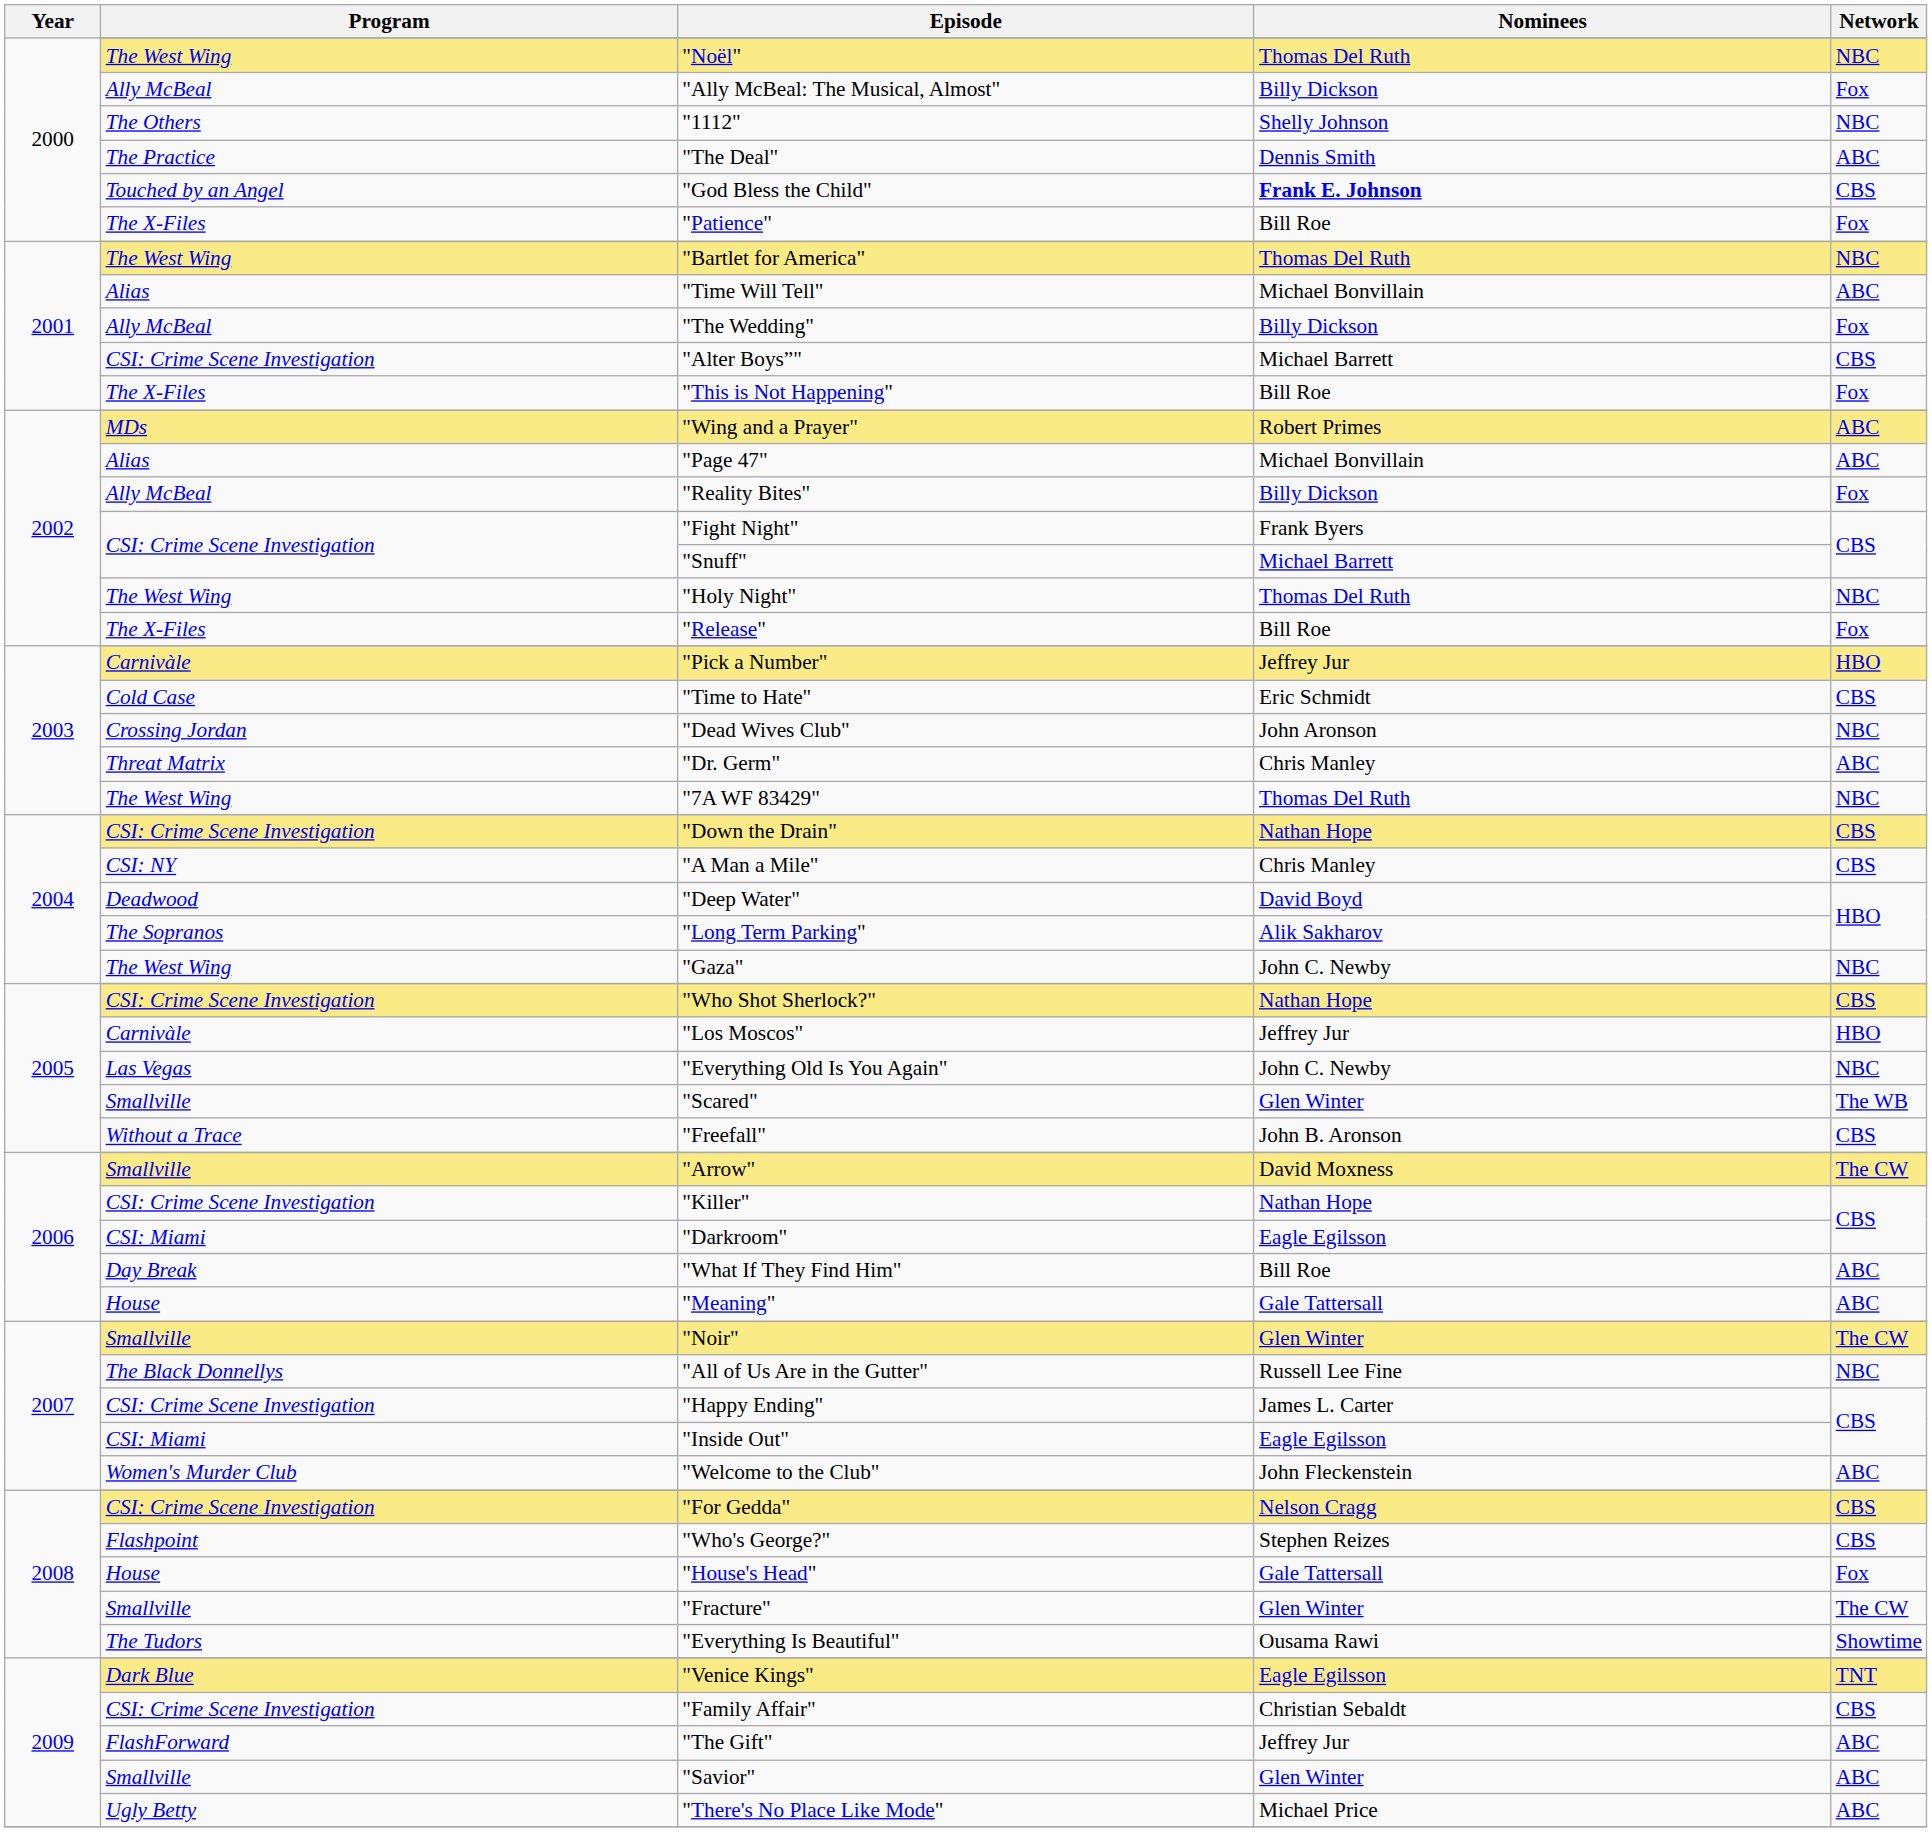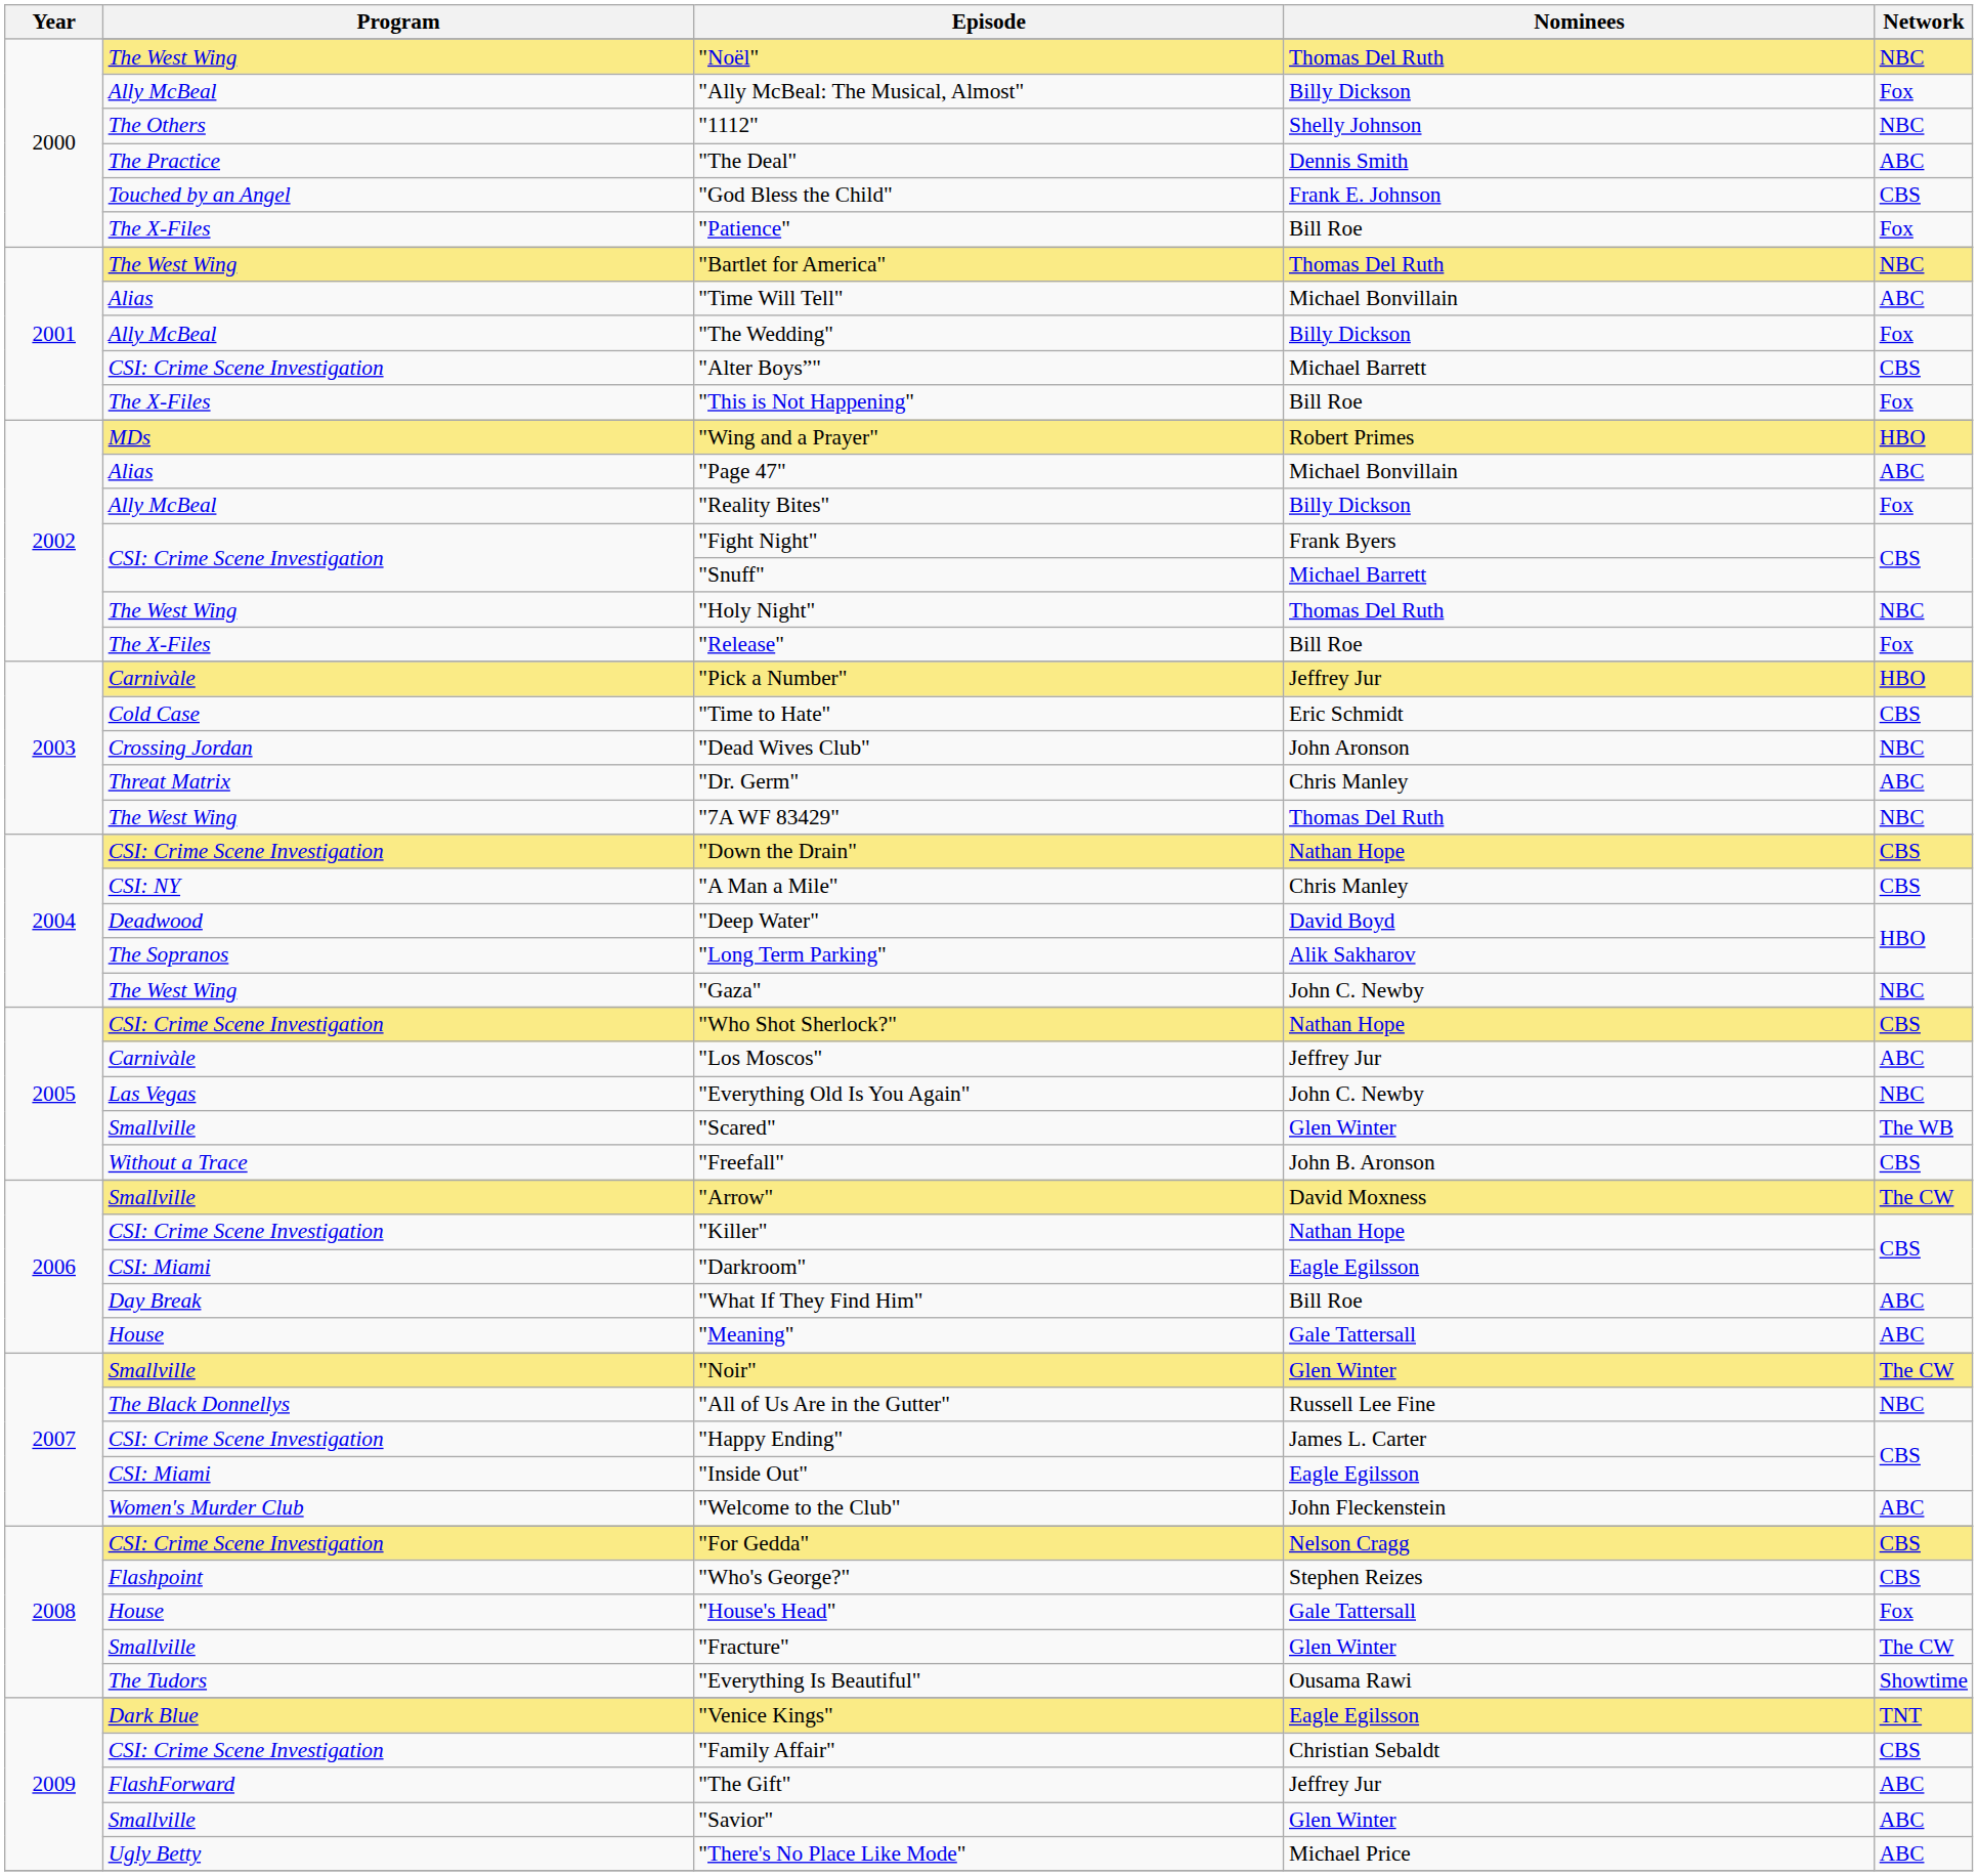 <table class="wikitable">
 <tr>
 <th width="5%">Year</th>
 <th width="30%">Program</th>
 <th width="30%">Episode</th>
 <th width="30%">Nominees</th>
 <th width="5%">Network</th>
 </tr>
 <tr>
 <td rowspan="7" style="text-align:center;">2000<br></td>
 </tr>
 <tr style="background:#FAEB86;">
 <td><em><a href='#'>The West Wing</a></em></td>
 <td>"<a href='#'>Noël</a>"</td>
 <td><a href='#'>Thomas Del Ruth</a></td>
 <td><a href='#'>NBC</a></td>
 </tr>
 <tr>
 <td><em><a href='#'>Ally McBeal</a></em></td>
 <td>"Ally McBeal: The Musical, Almost"</td>
 <td><a href='#'>Billy Dickson</a></td>
 <td><a href='#'>Fox</a></td>
 </tr>
 <tr>
 <td><em><a href='#'>The Others</a></em></td>
 <td>"1112"</td>
 <td><a href='#'>Shelly Johnson</a></td>
 <td><a href='#'>NBC</a></td>
 </tr>
 <tr>
 <td><em><a href='#'>The Practice</a></em></td>
 <td>"The Deal"</td>
 <td><a href='#'>Dennis Smith</a></td>
 <td><a href='#'>ABC</a></td>
 </tr>
 <tr>
 <td><em><a href='#'>Touched by an Angel</a></em></td>
 <td>"God Bless the Child"</td>
-<td><strong><a href='#'>Frank E. Johnson</a></strong></td>
+<td><a href='#'>Frank E. Johnson</a></td>
 <td><a href='#'>CBS</a></td>
 </tr>
 <tr>
 <td><em><a href='#'>The X-Files</a></em></td>
 <td>"<a href='#'>Patience</a>"</td>
 <td>Bill Roe</td>
 <td><a href='#'>Fox</a></td>
 </tr>
 <tr>
 <td rowspan="6" style="text-align:center;"><a href='#'>2001</a><br></td>
 </tr>
 <tr style="background:#FAEB86;">
 <td><em><a href='#'>The West Wing</a></em></td>
 <td>"Bartlet for America"</td>
 <td><a href='#'>Thomas Del Ruth</a></td>
 <td><a href='#'>NBC</a></td>
 </tr>
 <tr>
 <td><em><a href='#'>Alias</a></em></td>
 <td>"Time Will Tell"</td>
 <td>Michael Bonvillain</td>
 <td><a href='#'>ABC</a></td>
 </tr>
 <tr>
 <td><em><a href='#'>Ally McBeal</a></em></td>
 <td>"The Wedding"</td>
 <td><a href='#'>Billy Dickson</a></td>
 <td><a href='#'>Fox</a></td>
 </tr>
 <tr>
 <td><em><a href='#'>CSI: Crime Scene Investigation</a></em></td>
 <td>"Alter Boys”"</td>
 <td>Michael Barrett</td>
 <td><a href='#'>CBS</a></td>
 </tr>
 <tr>
 <td><em><a href='#'>The X-Files</a></em></td>
 <td>"<a href='#'>This is Not Happening</a>"</td>
 <td>Bill Roe</td>
 <td><a href='#'>Fox</a></td>
 </tr>
 <tr>
 <td rowspan="8" style="text-align:center;"><a href='#'>2002</a><br></td>
 </tr>
 <tr style="background:#FAEB86;">
 <td><em><a href='#'>MDs</a></em></td>
 <td>"Wing and a Prayer"</td>
 <td>Robert Primes</td>
-<td><a href='#'>ABC</a></td>
+<td><a href='#'>HBO</a></td>
 </tr>
 <tr>
 <td><em><a href='#'>Alias</a></em></td>
 <td>"Page 47"</td>
 <td>Michael Bonvillain</td>
 <td><a href='#'>ABC</a></td>
 </tr>
 <tr>
 <td><em><a href='#'>Ally McBeal</a></em></td>
 <td>"Reality Bites"</td>
 <td><a href='#'>Billy Dickson</a></td>
 <td><a href='#'>Fox</a></td>
 </tr>
 <tr>
 <td rowspan=2><em><a href='#'>CSI: Crime Scene Investigation</a></em></td>
 <td>"Fight Night"</td>
 <td>Frank Byers</td>
 <td rowspan=2><a href='#'>CBS</a></td>
 </tr>
 <tr>
 <td>"Snuff"</td>
 <td><a href='#'>Michael Barrett</a></td>
 </tr>
 <tr>
 <td><em><a href='#'>The West Wing</a></em></td>
 <td>"Holy Night"</td>
 <td><a href='#'>Thomas Del Ruth</a></td>
 <td><a href='#'>NBC</a></td>
 </tr>
 <tr>
 <td><em><a href='#'>The X-Files</a></em></td>
 <td>"<a href='#'>Release</a>"</td>
 <td>Bill Roe</td>
 <td><a href='#'>Fox</a></td>
 </tr>
 <tr>
 <td rowspan="6" style="text-align:center;"><a href='#'>2003</a><br></td>
 </tr>
 <tr style="background:#FAEB86;">
 <td><em><a href='#'>Carnivàle</a></em></td>
 <td>"Pick a Number"</td>
 <td>Jeffrey Jur</td>
 <td><a href='#'>HBO</a></td>
 </tr>
 <tr>
 <td><em><a href='#'>Cold Case</a></em></td>
 <td>"Time to Hate"</td>
 <td>Eric Schmidt</td>
 <td><a href='#'>CBS</a></td>
 </tr>
 <tr>
 <td><em><a href='#'>Crossing Jordan</a></em></td>
 <td>"Dead Wives Club"</td>
 <td>John Aronson</td>
 <td><a href='#'>NBC</a></td>
 </tr>
 <tr>
 <td><em><a href='#'>Threat Matrix</a></em></td>
 <td>"Dr. Germ"</td>
 <td>Chris Manley</td>
 <td><a href='#'>ABC</a></td>
 </tr>
 <tr>
 <td><em><a href='#'>The West Wing</a></em></td>
 <td>"7A WF 83429"</td>
 <td><a href='#'>Thomas Del Ruth</a></td>
 <td><a href='#'>NBC</a></td>
 </tr>
 <tr>
 <td rowspan="6" style="text-align:center;"><a href='#'>2004</a><br></td>
 </tr>
 <tr style="background:#FAEB86;">
 <td><em><a href='#'>CSI: Crime Scene Investigation</a></em></td>
 <td>"Down the Drain"</td>
 <td><a href='#'>Nathan Hope</a></td>
 <td><a href='#'>CBS</a></td>
 </tr>
 <tr>
 <td><em><a href='#'>CSI: NY</a></em></td>
 <td>"A Man a Mile"</td>
 <td>Chris Manley</td>
 <td><a href='#'>CBS</a></td>
 </tr>
 <tr>
 <td><em><a href='#'>Deadwood</a></em></td>
 <td>"Deep Water"</td>
 <td><a href='#'>David Boyd</a></td>
 <td rowspan=2><a href='#'>HBO</a></td>
 </tr>
 <tr>
 <td><em><a href='#'>The Sopranos</a></em></td>
 <td>"<a href='#'>Long Term Parking</a>"</td>
 <td><a href='#'>Alik Sakharov</a></td>
 </tr>
 <tr>
 <td><em><a href='#'>The West Wing</a></em></td>
 <td>"Gaza"</td>
 <td>John C. Newby</td>
 <td><a href='#'>NBC</a></td>
 </tr>
 <tr>
 <td rowspan="6" style="text-align:center;"><a href='#'>2005</a><br></td>
 </tr>
 <tr style="background:#FAEB86;">
 <td><em><a href='#'>CSI: Crime Scene Investigation</a></em></td>
 <td>"Who Shot Sherlock?"</td>
 <td><a href='#'>Nathan Hope</a></td>
 <td><a href='#'>CBS</a></td>
 </tr>
 <tr>
 <td><em><a href='#'>Carnivàle</a></em></td>
 <td>"Los Moscos"</td>
 <td>Jeffrey Jur</td>
-<td><a href='#'>HBO</a></td>
+<td><a href='#'>ABC</a></td>
 </tr>
 <tr>
 <td><em><a href='#'>Las Vegas</a></em></td>
 <td>"Everything Old Is You Again"</td>
 <td>John C. Newby</td>
 <td><a href='#'>NBC</a></td>
 </tr>
 <tr>
 <td><em><a href='#'>Smallville</a></em></td>
 <td>"Scared"</td>
 <td><a href='#'>Glen Winter</a></td>
 <td><a href='#'>The WB</a></td>
 </tr>
 <tr>
 <td><em><a href='#'>Without a Trace</a></em></td>
 <td>"Freefall"</td>
 <td>John B. Aronson</td>
 <td><a href='#'>CBS</a></td>
 </tr>
 <tr>
 <td rowspan="6" style="text-align:center;"><a href='#'>2006</a><br></td>
 </tr>
 <tr style="background:#FAEB86;">
 <td><em><a href='#'>Smallville</a></em></td>
 <td>"Arrow"</td>
 <td>David Moxness</td>
 <td><a href='#'>The CW</a></td>
 </tr>
 <tr>
 <td><em><a href='#'>CSI: Crime Scene Investigation</a></em></td>
 <td>"Killer"</td>
 <td><a href='#'>Nathan Hope</a></td>
 <td rowspan=2><a href='#'>CBS</a></td>
 </tr>
 <tr>
 <td><em><a href='#'>CSI: Miami</a></em></td>
 <td>"Darkroom"</td>
 <td><a href='#'>Eagle Egilsson</a></td>
 </tr>
 <tr>
 <td><em><a href='#'>Day Break</a></em></td>
 <td>"What If They Find Him"</td>
 <td>Bill Roe</td>
 <td><a href='#'>ABC</a></td>
 </tr>
 <tr>
 <td><em><a href='#'>House</a></em></td>
 <td>"<a href='#'>Meaning</a>"</td>
 <td><a href='#'>Gale Tattersall</a></td>
 <td><a href='#'>ABC</a></td>
 </tr>
 <tr>
 <td rowspan="6" style="text-align:center;"><a href='#'>2007</a><br></td>
 </tr>
 <tr style="background:#FAEB86;">
 <td><em><a href='#'>Smallville</a></em></td>
 <td>"Noir"</td>
 <td><a href='#'>Glen Winter</a></td>
 <td><a href='#'>The CW</a></td>
 </tr>
 <tr>
 <td><em><a href='#'>The Black Donnellys</a></em></td>
 <td>"All of Us Are in the Gutter"</td>
 <td>Russell Lee Fine</td>
 <td><a href='#'>NBC</a></td>
 </tr>
 <tr>
 <td><em><a href='#'>CSI: Crime Scene Investigation</a></em></td>
 <td>"Happy Ending"</td>
 <td>James L. Carter</td>
 <td rowspan=2><a href='#'>CBS</a></td>
 </tr>
 <tr>
 <td><em><a href='#'>CSI: Miami</a></em></td>
 <td>"Inside Out"</td>
 <td><a href='#'>Eagle Egilsson</a></td>
 </tr>
 <tr>
 <td><em><a href='#'>Women's Murder Club</a></em></td>
 <td>"Welcome to the Club"</td>
 <td>John Fleckenstein</td>
 <td><a href='#'>ABC</a></td>
 </tr>
 <tr>
 <td rowspan="6" style="text-align:center;"><a href='#'>2008</a><br></td>
 </tr>
 <tr style="background:#FAEB86;">
 <td><em><a href='#'>CSI: Crime Scene Investigation</a></em></td>
 <td>"For Gedda"</td>
 <td><a href='#'>Nelson Cragg</a></td>
 <td><a href='#'>CBS</a></td>
 </tr>
 <tr>
 <td><em><a href='#'>Flashpoint</a></em></td>
 <td>"Who's George?"</td>
 <td>Stephen Reizes</td>
 <td><a href='#'>CBS</a></td>
 </tr>
 <tr>
 <td><em><a href='#'>House</a></em></td>
 <td>"<a href='#'>House's Head</a>"</td>
 <td><a href='#'>Gale Tattersall</a></td>
 <td><a href='#'>Fox</a></td>
 </tr>
 <tr>
 <td><em><a href='#'>Smallville</a></em></td>
 <td>"Fracture"</td>
 <td><a href='#'>Glen Winter</a></td>
 <td><a href='#'>The CW</a></td>
 </tr>
 <tr>
 <td><em><a href='#'>The Tudors</a></em></td>
 <td>"Everything Is Beautiful"</td>
 <td>Ousama Rawi</td>
 <td><a href='#'>Showtime</a></td>
 </tr>
 <tr>
 <td rowspan="6" style="text-align:center;"><a href='#'>2009</a><br></td>
 </tr>
 <tr style="background:#FAEB86;">
 <td><em><a href='#'>Dark Blue</a></em></td>
 <td>"Venice Kings"</td>
 <td><a href='#'>Eagle Egilsson</a></td>
 <td><a href='#'>TNT</a></td>
 </tr>
 <tr>
 <td><em><a href='#'>CSI: Crime Scene Investigation</a></em></td>
 <td>"Family Affair"</td>
 <td>Christian Sebaldt</td>
 <td><a href='#'>CBS</a></td>
 </tr>
 <tr>
 <td><em><a href='#'>FlashForward</a></em></td>
 <td>"The Gift"</td>
 <td>Jeffrey Jur</td>
 <td><a href='#'>ABC</a></td>
 </tr>
 <tr>
 <td><em><a href='#'>Smallville</a></em></td>
 <td>"Savior"</td>
 <td><a href='#'>Glen Winter</a></td>
 <td><a href='#'>ABC</a></td>
 </tr>
 <tr>
 <td><em><a href='#'>Ugly Betty</a></em></td>
 <td>"<a href='#'>There's No Place Like Mode</a>"</td>
 <td>Michael Price</td>
 <td><a href='#'>ABC</a></td>
 </tr>
 <tr>
 </tr>
 </table>
